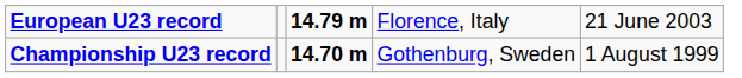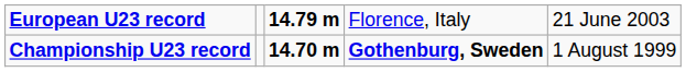 <table class="wikitable">
 <tr>
 <td><strong><a href='#'>European U23 record</a></strong></td>
 <td></td>
 <td><strong>14.79 m</strong></td>
 <td><a href='#'>Florence</a>, Italy</td>
 <td>21 June 2003</td>
 </tr>
 <tr>
 <td><strong><a href='#'>Championship U23 record</a></strong></td>
 <td></td>
 <td><strong>14.70 m</strong></td>
-<td><a href='#'>Gothenburg</a>, Sweden</td>
+<td><strong><a href='#'>Gothenburg</a>, Sweden</strong></td>
 <td>1 August 1999</td>
 </tr>
 </table>
